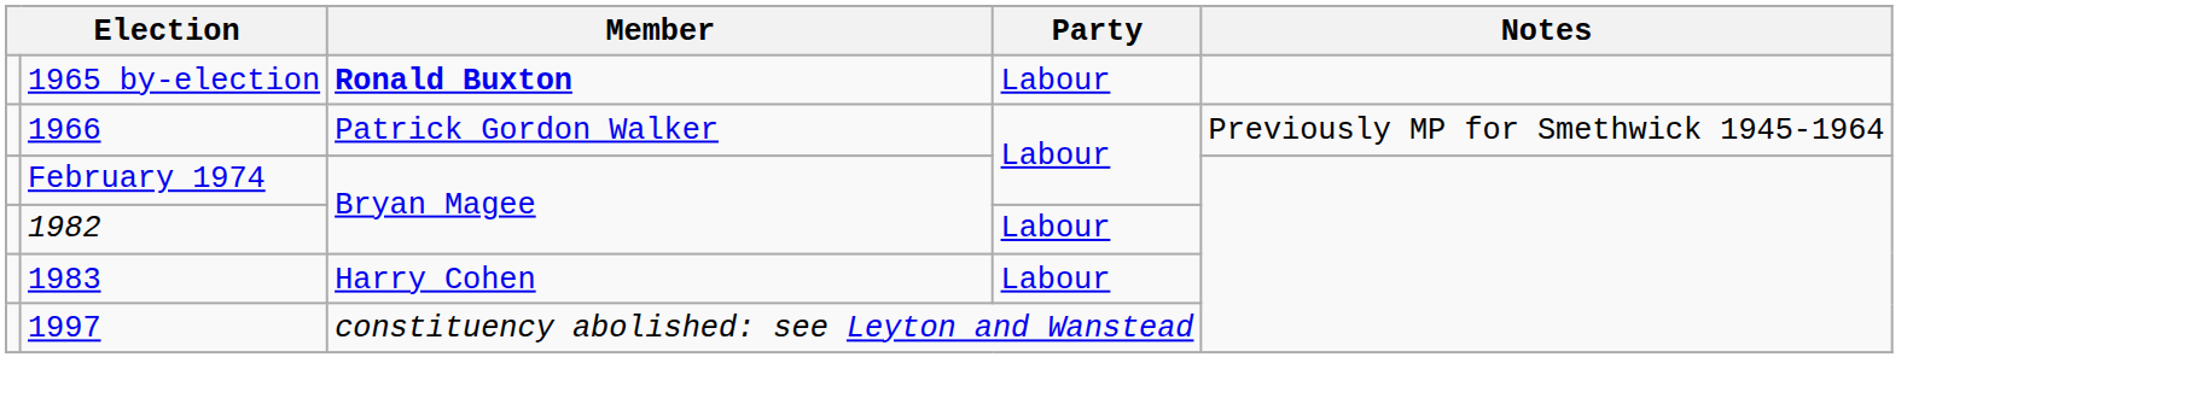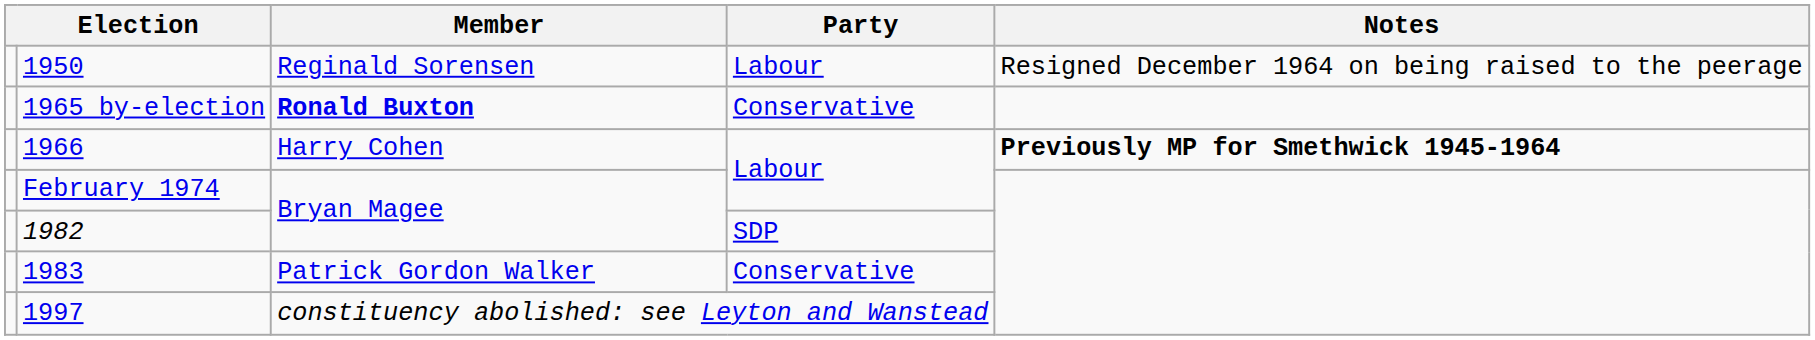 <table class="wikitable">
 <tr>
 <th colspan="2">Election</th>
 <th>Member</th>
 <th>Party</th>
 <th>Notes</th>
 </tr>
 <tr>
 <td style="color:inherit;background-color: "></td>
+<td><a href='#'>1950</a></td>
+<td><a href='#'>Reginald Sorensen</a></td>
+<td><a href='#'>Labour</a></td>
+<td>Resigned December 1964 on being raised to the peerage</td>
+</tr>
+<tr>
+<td style="color:inherit;background-color: "></td>
 <td><a href='#'>1965 by-election</a></td>
 <td><strong><a href='#'>Ronald Buxton</a></strong></td>
-<td><a href='#'>Labour</a></td>
+<td><a href='#'>Conservative</a></td>
 </tr>
 <tr>
 <td style="color:inherit;background-color: "></td>
 <td><a href='#'>1966</a></td>
-<td><a href='#'>Patrick Gordon Walker</a></td>
+<td><a href='#'>Harry Cohen</a></td>
 <td rowspan="2"><a href='#'>Labour</a></td>
-<td>Previously MP for Smethwick 1945-1964</td>
+<td><strong>Previously MP for Smethwick 1945-1964</strong></td>
 </tr>
 <tr>
 <td style="color:inherit;background-color: "></td>
 <td><a href='#'>February 1974</a></td>
 <td rowspan="2"><a href='#'>Bryan Magee</a></td>
 </tr>
 <tr>
 <td style="color:inherit;background-color: "></td>
 <td><em>1982</em></td>
-<td><a href='#'>Labour</a></td>
+<td><a href='#'>SDP</a></td>
 </tr>
 <tr>
 <td style="color:inherit;background-color: "></td>
 <td><a href='#'>1983</a></td>
-<td><a href='#'>Harry Cohen</a></td>
-<td><a href='#'>Labour</a></td>
+<td><a href='#'>Patrick Gordon Walker</a></td>
+<td><a href='#'>Conservative</a></td>
 </tr>
 <tr>
 <td></td>
 <td><a href='#'>1997</a></td>
 <td colspan="2"><em>constituency abolished: see <a href='#'>Leyton and Wanstead</a></em></td>
 </tr>
 </table>
